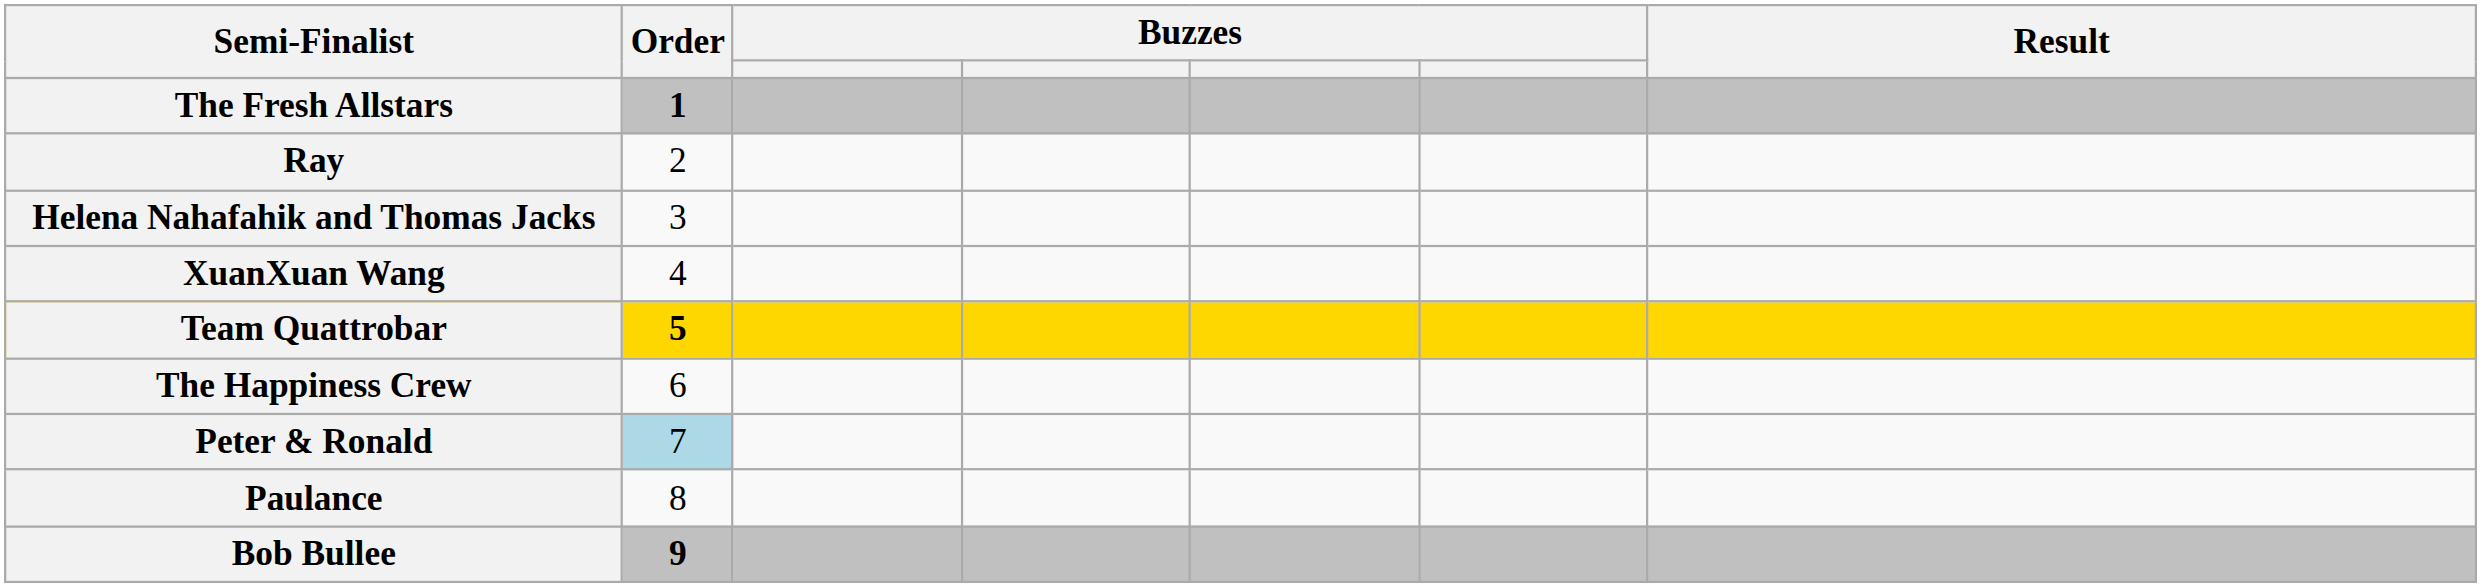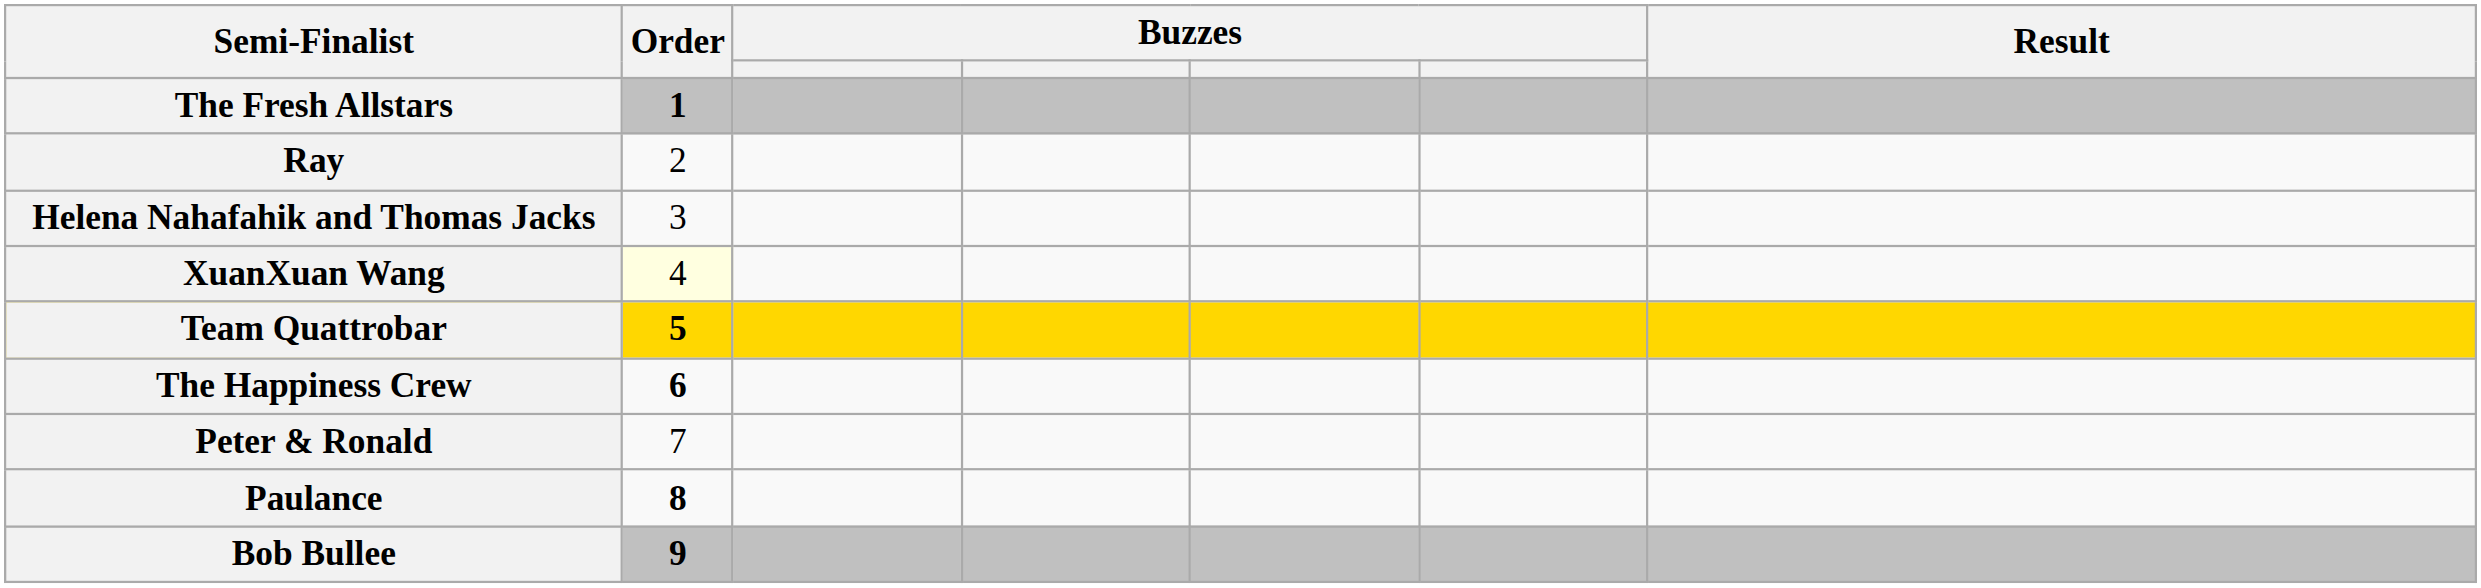 <table class="wikitable plainrowheaders sortable" style="text-align:center;">
 <tr>
 <th scope="col" rowspan="2" class="unsortable" style="width:17em;">Semi-Finalist</th>
 <th scope="col" rowspan="2" style="width:1em;">Order</th>
 <th scope="col" colspan="4" class="unsortable" style="width:24em;">Buzzes</th>
 <th scope="col" rowspan="2" style="width:23em;">Result</th>
 </tr>
 <tr>
 <th scope="col" class="unsortable" style="width:6em;"></th>
 <th scope="col" class="unsortable" style="width:6em;"></th>
 <th scope="col" class="unsortable" style="width:6em;"></th>
 <th scope="col" class="unsortable" style="width:6em;"></th>
 </tr>
 <tr bgcolor=silver>
 <th scope="row"><strong>The Fresh Allstars</strong></th>
 <td><strong>1</strong></td>
 <td style="text-align:center;"></td>
 <td style="text-align:center;"></td>
 <td style="text-align:center;"></td>
 <td style="text-align:center;"></td>
 <td><strong></strong></td>
 </tr>
 <tr>
 <th scope="row">Ray</th>
 <td>2</td>
 <td style="text-align:center;"></td>
 <td style="text-align:center;"></td>
 <td style="text-align:center;"></td>
 <td style="text-align:center;"></td>
 <td></td>
 </tr>
 <tr>
 <th scope="row">Helena Nahafahik and Thomas Jacks</th>
 <td>3</td>
 <td style="text-align:center;"></td>
 <td style="text-align:center;"></td>
 <td style="text-align:center;"></td>
 <td style="text-align:center;"></td>
 <td></td>
 </tr>
 <tr>
 <th scope="row">XuanXuan Wang</th>
-<td>4</td>
+<td style="background: lightyellow;">4</td>
 <td style="text-align:center;"></td>
 <td style="text-align:center;"></td>
 <td style="text-align:center;"></td>
 <td style="text-align:center;"></td>
 <td></td>
 </tr>
 <tr bgcolor=gold>
 <th scope="row"><strong>Team Quattrobar</strong></th>
 <td><strong>5</strong></td>
 <td style="text-align:center;"></td>
 <td style="text-align:center;"></td>
 <td style="text-align:center;"></td>
 <td style="text-align:center;"></td>
 <td><strong></strong></td>
 </tr>
 <tr>
 <th scope="row">The Happiness Crew</th>
-<td>6</td>
+<td><strong>6</strong></td>
 <td style="text-align:center;"></td>
 <td style="text-align:center;"></td>
 <td style="text-align:center;"></td>
 <td style="text-align:center;"></td>
 <td></td>
 </tr>
 <tr>
 <th scope="row">Peter & Ronald</th>
-<td style="background: lightblue;">7</td>
+<td>7</td>
 <td style="text-align:center;"></td>
 <td style="text-align:center;"></td>
 <td style="text-align:center;"></td>
 <td style="text-align:center;"></td>
 <td></td>
 </tr>
 <tr>
 <th scope="row">Paulance</th>
-<td>8</td>
+<td><strong>8</strong></td>
 <td style="text-align:center;"></td>
 <td style="text-align:center;"></td>
 <td style="text-align:center;"></td>
 <td style="text-align:center;"></td>
 <td></td>
 </tr>
 <tr bgcolor=silver>
 <th scope="row"><strong>Bob Bullee</strong></th>
 <td><strong>9</strong></td>
 <td style="text-align:center;"></td>
 <td style="text-align:center;"></td>
 <td style="text-align:center;"></td>
 <td style="text-align:center;"></td>
 <td><strong></strong></td>
 </tr>
 </table>
